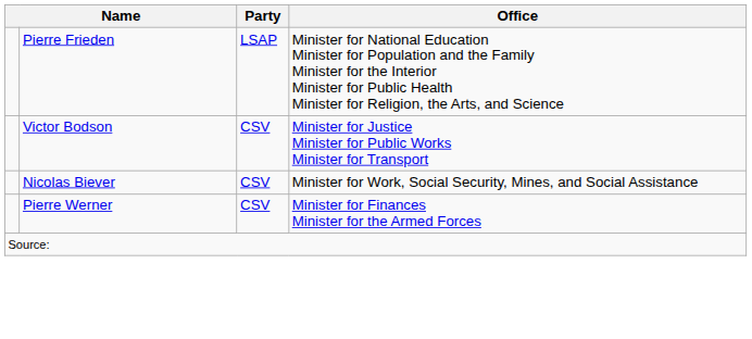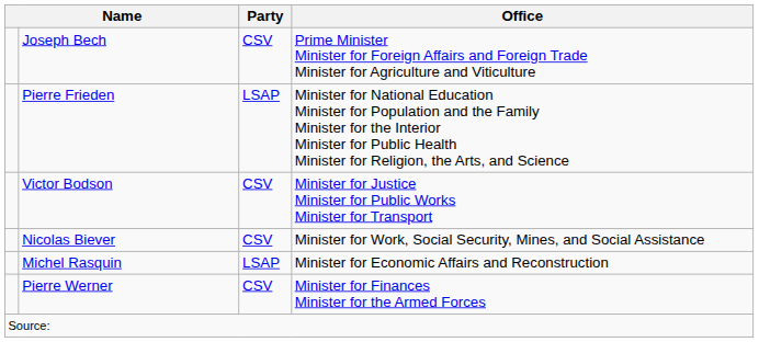 <table class="wikitable">
 <tr>
 <th colspan=2 width=250px>Name</th>
 <th width=50px>Party</th>
 <th width=500px>Office</th>
+</tr>
+<tr>
+<td style="background-color: "></td>
+<td valign=top><a href='#'>Joseph Bech</a></td>
+<td valign=top><a href='#'>CSV</a></td>
+<td><a href='#'>Prime Minister</a> <br> <a href='#'>Minister for Foreign Affairs and Foreign Trade</a> <br> Minister for Agriculture and Viticulture</td>
 </tr>
 <tr>
 <td style="background-color: "></td>
 <td valign=top><a href='#'>Pierre Frieden</a></td>
 <td valign=top><a href='#'>LSAP</a></td>
 <td>Minister for National Education <br> Minister for Population and the Family <br> Minister for the Interior <br> Minister for Public Health <br> Minister for Religion, the Arts, and Science</td>
 </tr>
 <tr>
 <td style="background-color: "></td>
 <td valign=top><a href='#'>Victor Bodson</a></td>
 <td valign=top><a href='#'>CSV</a></td>
 <td><a href='#'>Minister for Justice</a> <br> <a href='#'>Minister for Public Works</a> <br> <a href='#'>Minister for Transport</a></td>
 </tr>
 <tr>
 <td style="background-color: "></td>
 <td valign=top><a href='#'>Nicolas Biever</a></td>
 <td valign=top><a href='#'>CSV</a></td>
 <td>Minister for Work, Social Security, Mines, and Social Assistance</td>
 </tr>
 <tr>
 <td style="background-color: "></td>
+<td valign=top><a href='#'>Michel Rasquin</a></td>
+<td valign=top><a href='#'>LSAP</a></td>
+<td>Minister for Economic Affairs and Reconstruction</td>
+</tr>
+<tr>
+<td style="background-color: "></td>
 <td valign=top><a href='#'>Pierre Werner</a></td>
 <td valign=top><a href='#'>CSV</a></td>
 <td><a href='#'>Minister for Finances</a> <br> <a href='#'>Minister for the Armed Forces</a></td>
 </tr>
 <tr>
 <td colspan=4><small>Source: </small></td>
 </tr>
 </table>
